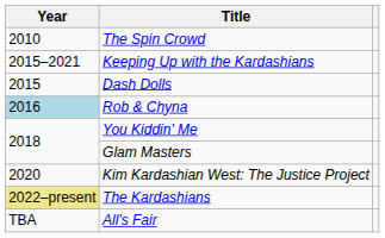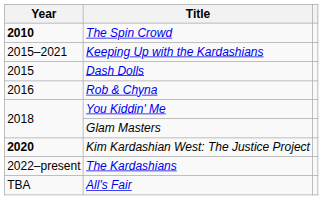 <table class="wikitable sortable">
 <tr>
 <th>Year</th>
 <th>Title</th>
 <th class="unsortable"></th>
 </tr>
 <tr>
-<td>2010</td>
+<td><strong>2010</strong></td>
 <td><em><a href='#'>The Spin Crowd</a></em></td>
 <td></td>
 </tr>
 <tr>
 <td>2015–2021</td>
 <td><em><a href='#'>Keeping Up with the Kardashians</a></em></td>
 <td></td>
 </tr>
 <tr>
 <td>2015</td>
 <td><em><a href='#'>Dash Dolls</a></em></td>
 <td></td>
 </tr>
 <tr>
-<td style="background: lightblue;">2016</td>
+<td>2016</td>
 <td><em><a href='#'>Rob & Chyna</a></em></td>
 <td></td>
 </tr>
 <tr>
 <td rowspan="2">2018</td>
 <td><em><a href='#'>You Kiddin' Me</a></em></td>
 <td></td>
 </tr>
 <tr>
 <td><em>Glam Masters</em></td>
 <td></td>
 </tr>
 <tr>
-<td>2020</td>
+<td><strong>2020</strong></td>
 <td><em>Kim Kardashian West: The Justice Project</em></td>
 <td></td>
 </tr>
 <tr>
-<td style="background: khaki;">2022–present</td>
+<td>2022–present</td>
 <td><em><a href='#'>The Kardashians</a></em></td>
 <td></td>
 </tr>
 <tr>
 <td>TBA</td>
 <td><em><a href='#'>All's Fair</a></em></td>
 <td></td>
 </tr>
 </table>
